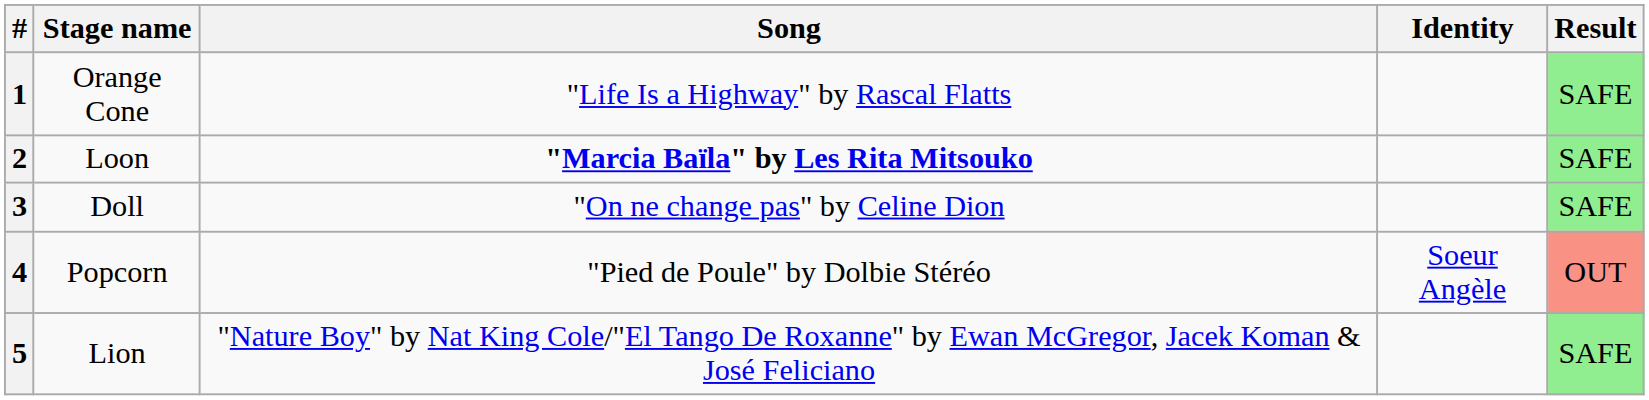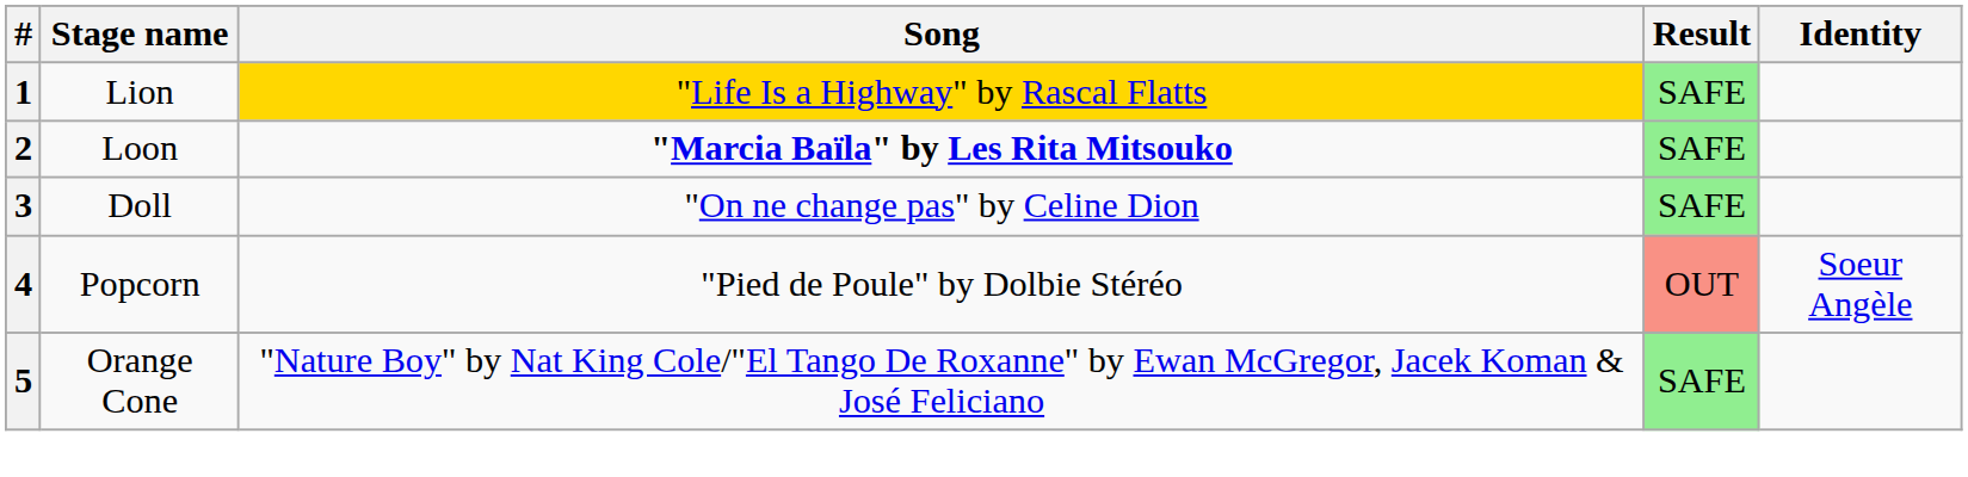 <table class="wikitable plainrowheaders" style="text-align: center">
 <tr>
 <th>#</th>
 <th>Stage name</th>
 <th>Song</th>
+<th>Result</th>
 <th>Identity</th>
-<th>Result</th>
 </tr>
 <tr>
 <th>1</th>
-<td>Orange Cone</td>
-<td>"<a href='#'>Life Is a Highway</a>" by <a href='#'>Rascal Flatts</a></td>
+<td>Lion</td>
+<td style="background: gold;">"<a href='#'>Life Is a Highway</a>" by <a href='#'>Rascal Flatts</a></td>
+<td bgcolor="lightgreen">SAFE</td>
 <td></td>
-<td bgcolor="lightgreen">SAFE</td>
 </tr>
 <tr>
 <th>2</th>
 <td>Loon</td>
 <td><strong>"<a href='#'>Marcia Baïla</a>" by <a href='#'>Les Rita Mitsouko</a></strong></td>
+<td bgcolor="lightgreen">SAFE</td>
 <td></td>
-<td bgcolor="lightgreen">SAFE</td>
 </tr>
 <tr>
 <th>3</th>
 <td>Doll</td>
 <td>"<a href='#'>On ne change pas</a>" by <a href='#'>Celine Dion</a></td>
+<td bgcolor="lightgreen">SAFE</td>
 <td></td>
-<td bgcolor="lightgreen">SAFE</td>
 </tr>
 <tr>
 <th>4</th>
 <td>Popcorn</td>
 <td>"Pied de Poule" by Dolbie Stéréo</td>
+<td bgcolor="#F99185">OUT</td>
 <td><a href='#'>Soeur Angèle</a></td>
-<td bgcolor="#F99185">OUT</td>
 </tr>
 <tr>
 <th>5</th>
-<td>Lion</td>
+<td>Orange Cone</td>
 <td>"<a href='#'>Nature Boy</a>" by <a href='#'>Nat King Cole</a>/"<a href='#'>El Tango De Roxanne</a>" by <a href='#'>Ewan McGregor</a>, <a href='#'>Jacek Koman</a> & <a href='#'>José Feliciano</a></td>
+<td bgcolor="lightgreen">SAFE</td>
 <td></td>
-<td bgcolor="lightgreen">SAFE</td>
 </tr>
 </table>
